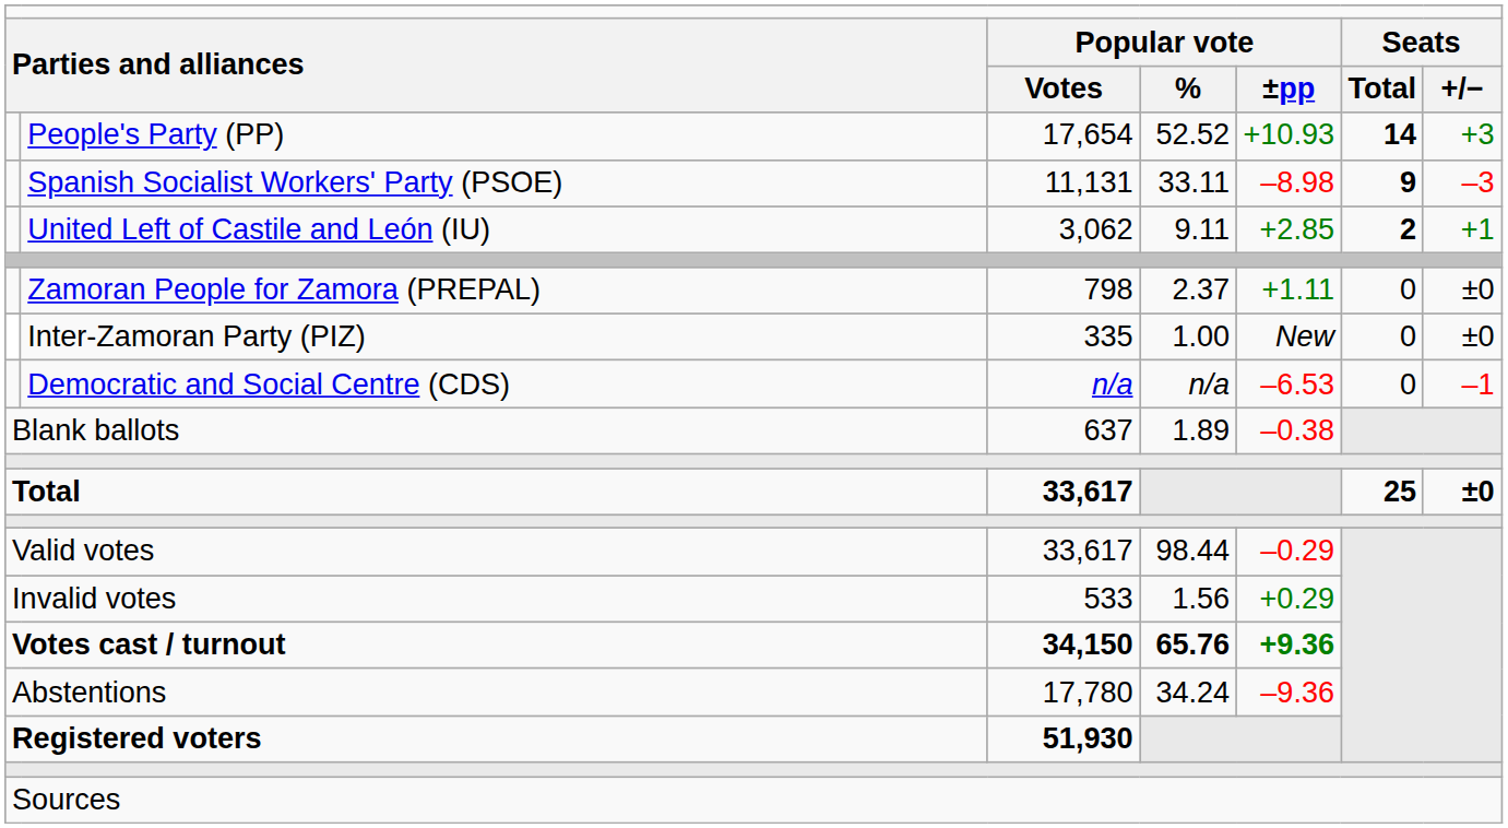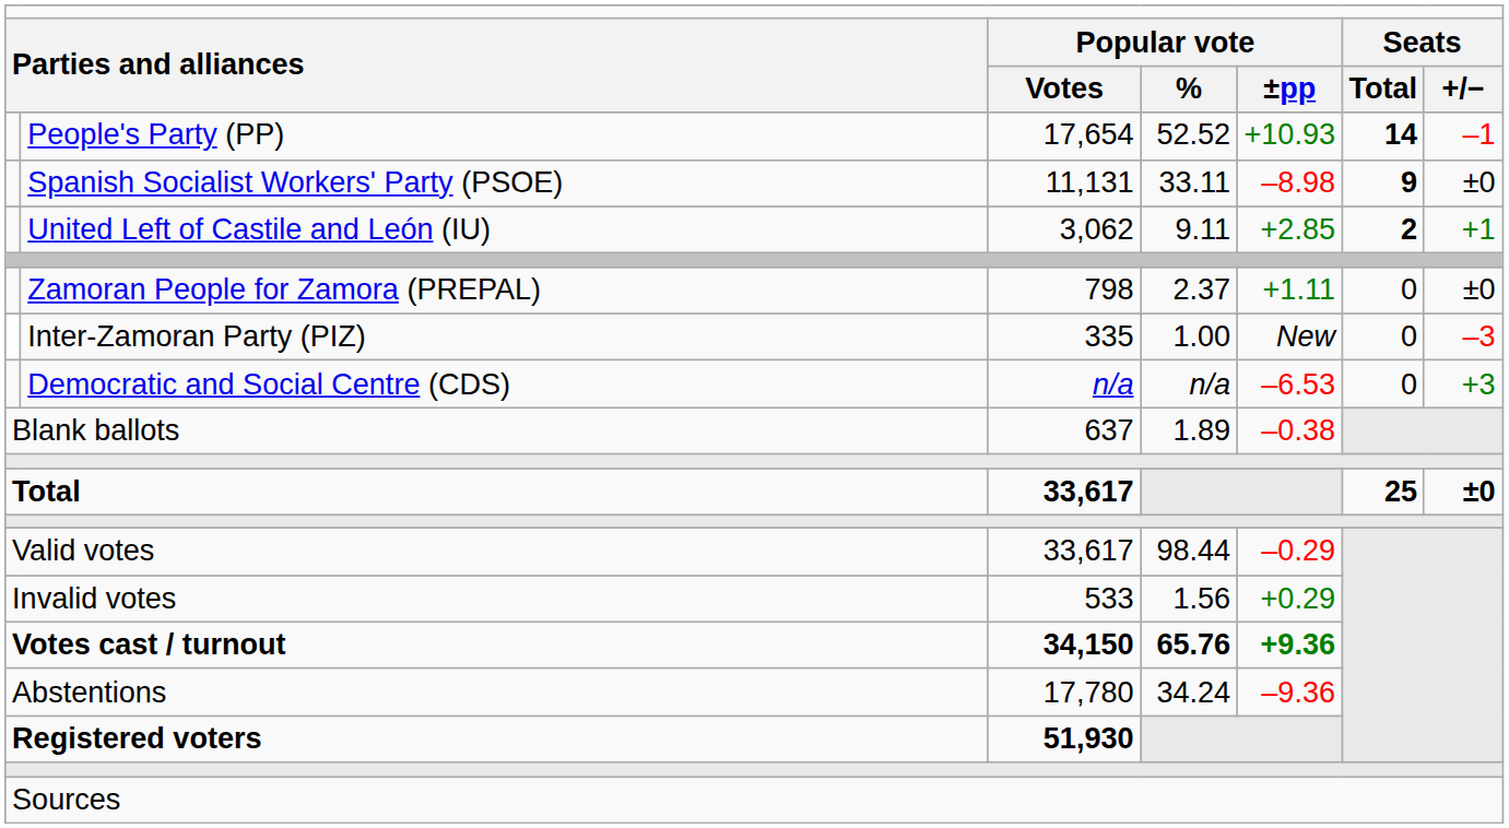 <table class="wikitable" style="text-align:right;">
 <tr>
 <td colspan="7"></td>
 </tr>
 <tr>
 <th style="text-align:left;" rowspan="2" colspan="2" width="525">Parties and alliances</th>
 <th colspan="3">Popular vote</th>
 <th colspan="2">Seats</th>
 </tr>
 <tr>
 <th width="75">Votes</th>
 <th width="45">%</th>
 <th width="45">±<a href='#'>pp</a></th>
 <th width="35">Total</th>
 <th width="35">+/−</th>
 </tr>
 <tr>
 <td width="1" style="color:inherit;background:"></td>
 <td align="left"><a href='#'>People's Party</a> (PP)</td>
 <td>17,654</td>
 <td>52.52</td>
 <td style="color:green;">+10.93</td>
 <td><strong>14</strong></td>
-<td style="color:green;">+3</td>
+<td style="color:red;">–1</td>
 </tr>
 <tr>
 <td style="color:inherit;background:"></td>
 <td align="left"><a href='#'>Spanish Socialist Workers' Party</a> (PSOE)</td>
 <td>11,131</td>
 <td>33.11</td>
 <td style="color:red;">–8.98</td>
 <td><strong>9</strong></td>
-<td style="color:red;">–3</td>
+<td>±0</td>
 </tr>
 <tr>
 <td style="color:inherit;background:"></td>
 <td align="left"><a href='#'>United Left of Castile and León</a> (IU)</td>
 <td>3,062</td>
 <td>9.11</td>
 <td style="color:green;">+2.85</td>
 <td><strong>2</strong></td>
 <td style="color:green;">+1</td>
 </tr>
 <tr>
 <td colspan="7" bgcolor="#C0C0C0"></td>
 </tr>
 <tr>
 <td style="color:inherit;background:"></td>
 <td align="left"><a href='#'>Zamoran People for Zamora</a> (PREPAL)</td>
 <td>798</td>
 <td>2.37</td>
 <td style="color:green;">+1.11</td>
 <td>0</td>
 <td>±0</td>
 </tr>
 <tr>
 <td bgcolor="white"></td>
 <td align="left">Inter-Zamoran Party (PIZ)</td>
 <td>335</td>
 <td>1.00</td>
 <td><em>New</em></td>
 <td>0</td>
-<td>±0</td>
+<td style="color:red;">–3</td>
 </tr>
 <tr>
 <td style="color:inherit;background:"></td>
 <td align="left"><a href='#'>Democratic and Social Centre</a> (CDS)</td>
 <td><em><a href='#'>n/a</a></em></td>
 <td><em>n/a</em></td>
 <td style="color:red;">–6.53</td>
 <td>0</td>
-<td style="color:red;">–1</td>
+<td style="color:green;">+3</td>
 </tr>
 <tr>
 <td align="left" colspan="2">Blank ballots</td>
 <td>637</td>
 <td>1.89</td>
 <td style="color:red;">–0.38</td>
 <td bgcolor="#E9E9E9" colspan="2"></td>
 </tr>
 <tr>
 <td colspan="7" bgcolor="#E9E9E9"></td>
 </tr>
 <tr style="font-weight:bold;">
 <td align="left" colspan="2">Total</td>
 <td>33,617</td>
 <td bgcolor="#E9E9E9" colspan="2"></td>
 <td>25</td>
 <td>±0</td>
 </tr>
 <tr>
 <td colspan="7" bgcolor="#E9E9E9"></td>
 </tr>
 <tr>
 <td align="left" colspan="2">Valid votes</td>
 <td>33,617</td>
 <td>98.44</td>
 <td style="color:red;">–0.29</td>
 <td bgcolor="#E9E9E9" colspan="2" rowspan="5"></td>
 </tr>
 <tr>
 <td align="left" colspan="2">Invalid votes</td>
 <td>533</td>
 <td>1.56</td>
 <td style="color:green;">+0.29</td>
 </tr>
 <tr style="font-weight:bold;">
 <td align="left" colspan="2">Votes cast / turnout</td>
 <td>34,150</td>
 <td>65.76</td>
 <td style="color:green;">+9.36</td>
 </tr>
 <tr>
 <td align="left" colspan="2">Abstentions</td>
 <td>17,780</td>
 <td>34.24</td>
 <td style="color:red;">–9.36</td>
 </tr>
 <tr style="font-weight:bold;">
 <td align="left" colspan="2">Registered voters</td>
 <td>51,930</td>
 <td bgcolor="#E9E9E9" colspan="2"></td>
 </tr>
 <tr>
 <td colspan="7" bgcolor="#E9E9E9"></td>
 </tr>
 <tr>
 <td align="left" colspan="7">Sources</td>
 </tr>
 </table>
